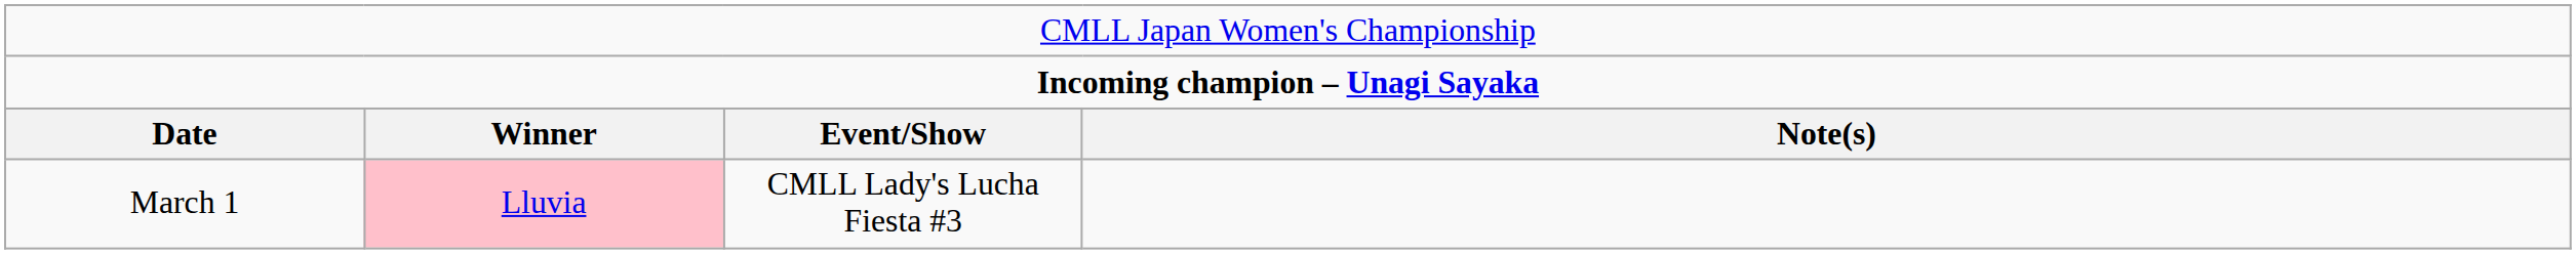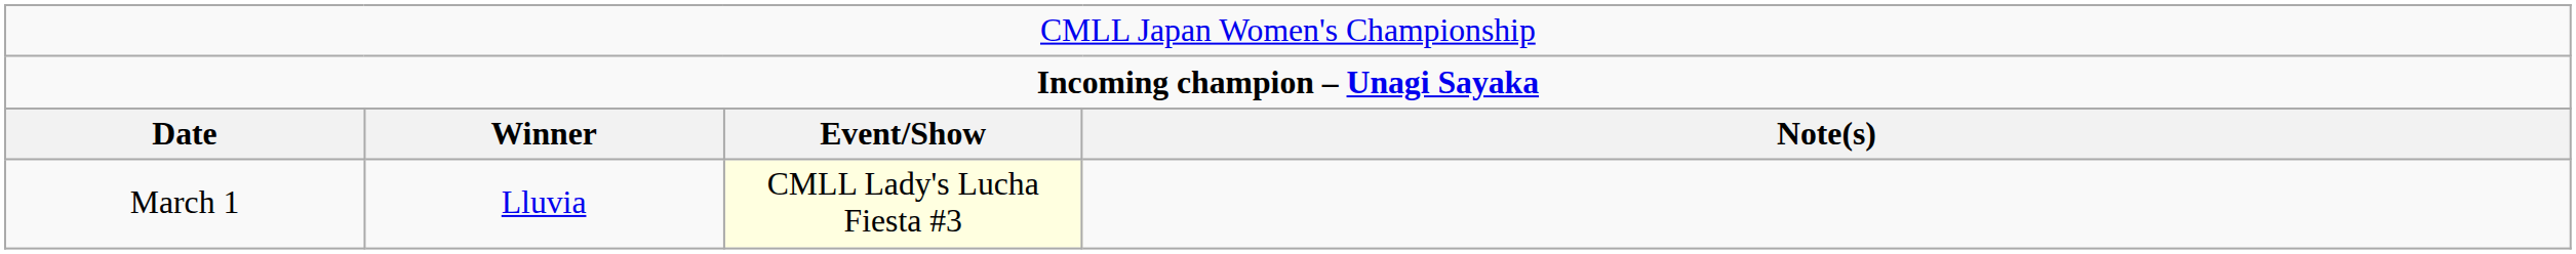 <table class="wikitable" style="text-align:center; width:100%;">
 <tr>
 <td colspan="4" style="text-align: center;"><a href='#'>CMLL Japan Women's Championship</a></td>
 </tr>
 <tr>
 <td colspan="4" style="text-align: center;"><strong>Incoming champion – <a href='#'>Unagi Sayaka</a></strong></td>
 </tr>
 <tr>
 <th width=14%>Date</th>
 <th width=14%>Winner</th>
 <th width=14%>Event/Show</th>
 <th width=58%>Note(s)</th>
 </tr>
 <tr>
 <td>March 1</td>
-<td style="background: pink;"><a href='#'>Lluvia</a></td>
-<td>CMLL Lady's Lucha Fiesta #3</td>
+<td><a href='#'>Lluvia</a></td>
+<td style="background: lightyellow;">CMLL Lady's Lucha Fiesta #3</td>
 <td></td>
 </tr>
 </table>
